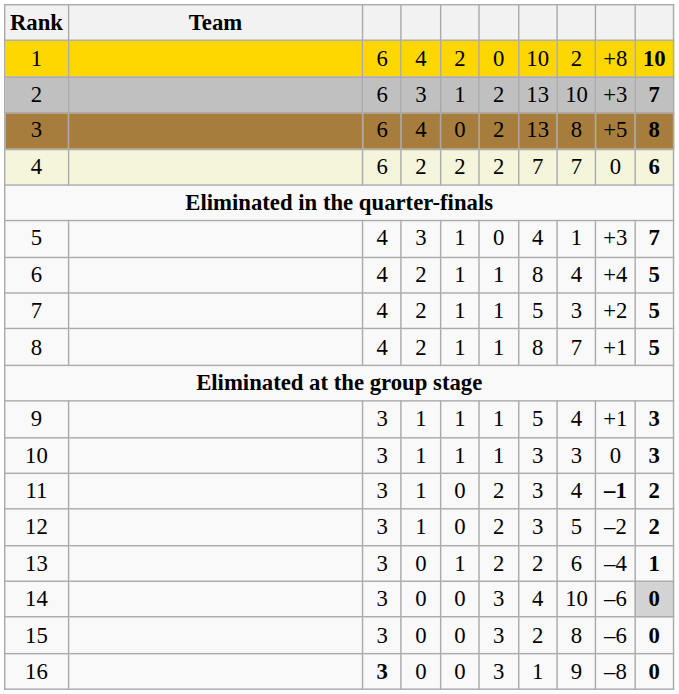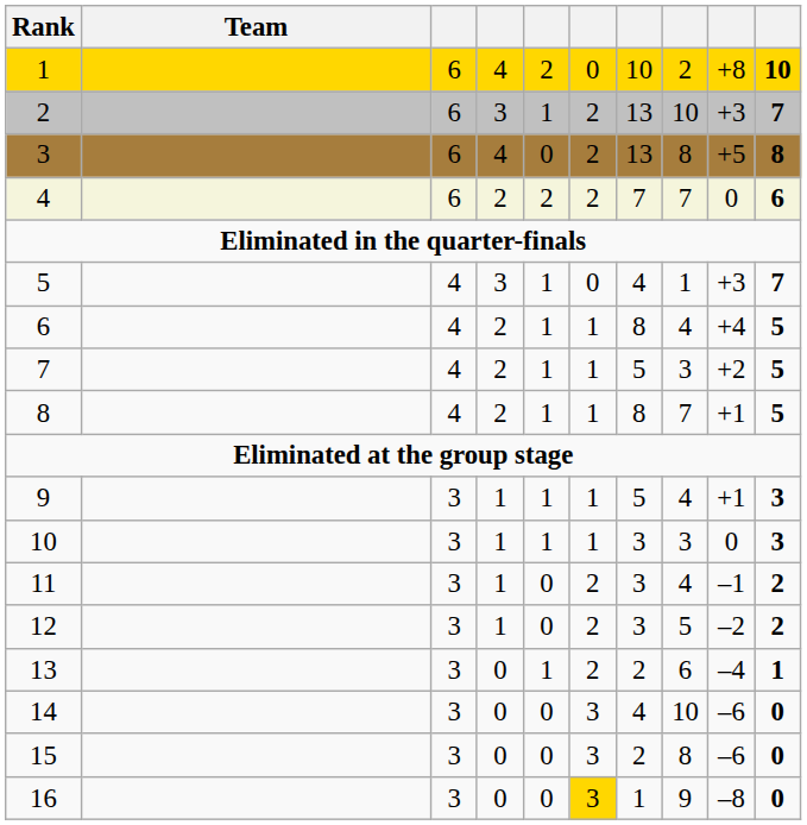 <table class="wikitable" style="text-align:center">
 <tr>
 <th width=20>Rank</th>
 <th width=200>Team</th>
 <th width="20"></th>
 <th width="20"></th>
 <th width="20"></th>
 <th width="20"></th>
 <th width="20"></th>
 <th width="20"></th>
 <th width="20"></th>
 <th width="20"></th>
 </tr>
 <tr style="background:gold;">
 <td>1</td>
 <td style="text-align:left;"></td>
 <td>6</td>
 <td>4</td>
 <td>2</td>
 <td>0</td>
 <td>10</td>
 <td>2</td>
 <td>+8</td>
 <td><strong>10</strong></td>
 </tr>
 <tr style="background:silver;">
 <td>2</td>
 <td style="text-align:left;"></td>
 <td>6</td>
 <td>3</td>
 <td>1</td>
 <td>2</td>
 <td>13</td>
 <td>10</td>
 <td>+3</td>
 <td><strong>7</strong></td>
 </tr>
 <tr style="background:#a67d3d;">
 <td>3</td>
 <td style="text-align:left;"></td>
 <td>6</td>
 <td>4</td>
 <td>0</td>
 <td>2</td>
 <td>13</td>
 <td>8</td>
 <td>+5</td>
 <td><strong>8</strong></td>
 </tr>
 <tr style="background:beige;">
 <td>4</td>
 <td style="text-align:left;"></td>
 <td>6</td>
 <td>2</td>
 <td>2</td>
 <td>2</td>
 <td>7</td>
 <td>7</td>
 <td>0</td>
 <td><strong>6</strong></td>
 </tr>
 <tr>
 <td colspan="11"><strong>Eliminated in the quarter-finals</strong></td>
 </tr>
 <tr>
 <td>5</td>
 <td style="text-align:left;"></td>
 <td>4</td>
 <td>3</td>
 <td>1</td>
 <td>0</td>
 <td>4</td>
 <td>1</td>
 <td>+3</td>
 <td><strong>7</strong></td>
 </tr>
 <tr>
 <td>6</td>
 <td style="text-align:left;"></td>
 <td>4</td>
 <td>2</td>
 <td>1</td>
 <td>1</td>
 <td>8</td>
 <td>4</td>
 <td>+4</td>
 <td><strong>5</strong></td>
 </tr>
 <tr>
 <td>7</td>
 <td style="text-align:left;"></td>
 <td>4</td>
 <td>2</td>
 <td>1</td>
 <td>1</td>
 <td>5</td>
 <td>3</td>
 <td>+2</td>
 <td><strong>5</strong></td>
 </tr>
 <tr>
 <td>8</td>
 <td style="text-align:left;"></td>
 <td>4</td>
 <td>2</td>
 <td>1</td>
 <td>1</td>
 <td>8</td>
 <td>7</td>
 <td>+1</td>
 <td><strong>5</strong></td>
 </tr>
 <tr>
 <td colspan="11"><strong>Eliminated at the group stage</strong></td>
 </tr>
 <tr>
 <td>9</td>
 <td style="text-align:left;"></td>
 <td>3</td>
 <td>1</td>
 <td>1</td>
 <td>1</td>
 <td>5</td>
 <td>4</td>
 <td>+1</td>
 <td><strong>3</strong></td>
 </tr>
 <tr>
 <td>10</td>
 <td style="text-align:left;"></td>
 <td>3</td>
 <td>1</td>
 <td>1</td>
 <td>1</td>
 <td>3</td>
 <td>3</td>
 <td>0</td>
 <td><strong>3</strong></td>
 </tr>
 <tr>
 <td>11</td>
 <td style="text-align:left;"></td>
 <td>3</td>
 <td>1</td>
 <td>0</td>
 <td>2</td>
 <td>3</td>
 <td>4</td>
-<td><strong>–1</strong></td>
+<td>–1</td>
 <td><strong>2</strong></td>
 </tr>
 <tr>
 <td>12</td>
 <td style="text-align:left;"></td>
 <td>3</td>
 <td>1</td>
 <td>0</td>
 <td>2</td>
 <td>3</td>
 <td>5</td>
 <td>–2</td>
 <td><strong>2</strong></td>
 </tr>
 <tr>
 <td>13</td>
 <td style="text-align:left;"></td>
 <td>3</td>
 <td>0</td>
 <td>1</td>
 <td>2</td>
 <td>2</td>
 <td>6</td>
 <td>–4</td>
 <td><strong>1</strong></td>
 </tr>
 <tr>
 <td>14</td>
 <td style="text-align:left;"></td>
 <td>3</td>
 <td>0</td>
 <td>0</td>
 <td>3</td>
 <td>4</td>
 <td>10</td>
 <td>–6</td>
-<td style="background: lightgrey;"><strong>0</strong></td>
+<td><strong>0</strong></td>
 </tr>
 <tr>
 <td>15</td>
 <td style="text-align:left;"></td>
 <td>3</td>
 <td>0</td>
 <td>0</td>
 <td>3</td>
 <td>2</td>
 <td>8</td>
 <td>–6</td>
 <td><strong>0</strong></td>
 </tr>
 <tr>
 <td>16</td>
 <td style="text-align:left;"></td>
-<td><strong>3</strong></td>
+<td>3</td>
 <td>0</td>
 <td>0</td>
-<td>3</td>
+<td style="background: gold;">3</td>
 <td>1</td>
 <td>9</td>
 <td>–8</td>
 <td><strong>0</strong></td>
 </tr>
 </table>
